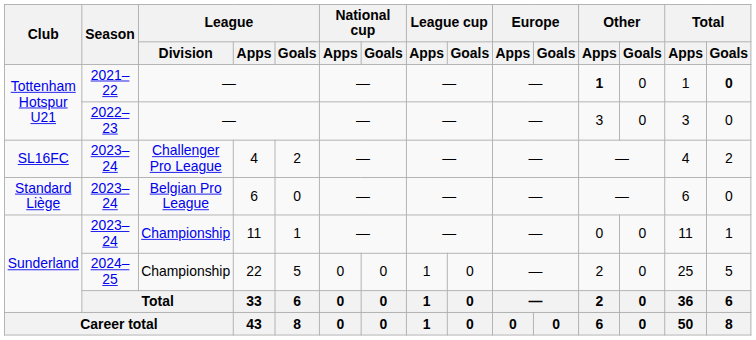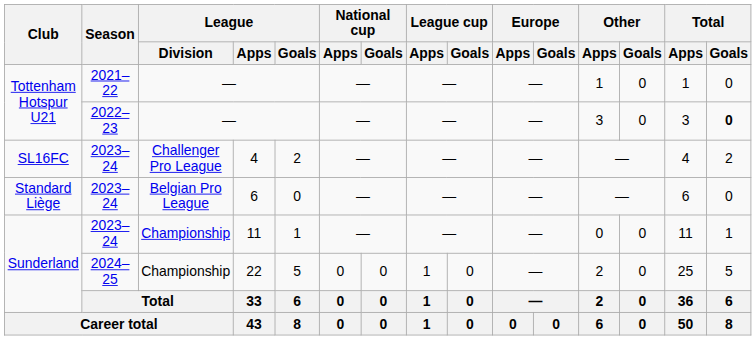 <table class=wikitable style=text-align:center>
 <tr>
 <th rowspan="2">Club</th>
 <th rowspan="2">Season</th>
 <th colspan="3">League</th>
 <th colspan="2">National cup </th>
 <th colspan="2">League cup </th>
 <th colspan="2">Europe</th>
 <th colspan="2">Other</th>
 <th colspan="2">Total</th>
 </tr>
 <tr>
 <th>Division</th>
 <th>Apps</th>
 <th>Goals</th>
 <th>Apps</th>
 <th>Goals</th>
 <th>Apps</th>
 <th>Goals</th>
 <th>Apps</th>
 <th>Goals</th>
 <th>Apps</th>
 <th>Goals</th>
 <th>Apps</th>
 <th>Goals</th>
 </tr>
 <tr>
 <td rowspan="2"><a href='#'>Tottenham Hotspur U21</a></td>
 <td><a href='#'>2021–22</a></td>
 <td colspan="3">—</td>
 <td colspan="2">—</td>
 <td colspan="2">—</td>
 <td colspan="2">—</td>
-<td><strong>1</strong></td>
+<td>1</td>
 <td>0</td>
 <td>1</td>
-<td><strong>0</strong></td>
+<td>0</td>
 </tr>
 <tr>
 <td><a href='#'>2022–23</a></td>
 <td colspan="3">—</td>
 <td colspan="2">—</td>
 <td colspan="2">—</td>
 <td colspan="2">—</td>
 <td>3</td>
 <td>0</td>
 <td>3</td>
-<td>0</td>
+<td><strong>0</strong></td>
 </tr>
 <tr>
 <td><a href='#'>SL16FC</a></td>
 <td><a href='#'>2023–24</a></td>
 <td><a href='#'>Challenger Pro League</a></td>
 <td>4</td>
 <td>2</td>
 <td colspan="2">—</td>
 <td colspan="2">—</td>
 <td colspan="2">—</td>
 <td colspan="2">—</td>
 <td>4</td>
 <td>2</td>
 </tr>
 <tr>
 <td><a href='#'>Standard Liège</a></td>
 <td><a href='#'>2023–24</a></td>
 <td><a href='#'>Belgian Pro League</a></td>
 <td>6</td>
 <td>0</td>
 <td colspan="2">—</td>
 <td colspan="2">—</td>
 <td colspan="2">—</td>
 <td colspan="2">—</td>
 <td>6</td>
 <td>0</td>
 </tr>
 <tr>
 <td rowspan="3"><a href='#'>Sunderland</a></td>
 <td><a href='#'>2023–24</a></td>
 <td><a href='#'>Championship</a></td>
 <td>11</td>
 <td>1</td>
 <td colspan="2">—</td>
 <td colspan="2">—</td>
 <td colspan="2">—</td>
 <td>0</td>
 <td>0</td>
 <td>11</td>
 <td>1</td>
 </tr>
 <tr>
 <td><a href='#'>2024–25</a></td>
 <td>Championship</td>
 <td>22</td>
 <td>5</td>
 <td>0</td>
 <td>0</td>
 <td>1</td>
 <td>0</td>
 <td colspan="2">—</td>
 <td>2</td>
 <td>0</td>
 <td>25</td>
 <td>5</td>
 </tr>
 <tr>
 <th colspan="2">Total</th>
 <th>33</th>
 <th>6</th>
 <th>0</th>
 <th>0</th>
 <th>1</th>
 <th>0</th>
 <th colspan="2">—</th>
 <th>2</th>
 <th>0</th>
 <th>36</th>
 <th>6</th>
 </tr>
 <tr>
 <th colspan="3">Career total</th>
 <th>43</th>
 <th>8</th>
 <th>0</th>
 <th>0</th>
 <th>1</th>
 <th>0</th>
 <th>0</th>
 <th>0</th>
 <th>6</th>
 <th>0</th>
 <th>50</th>
 <th>8</th>
 </tr>
 </table>
